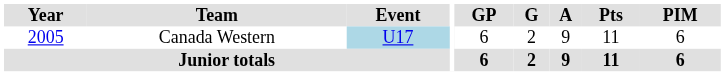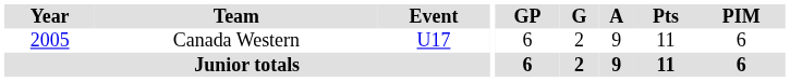 <table border="0" cellpadding="1" cellspacing="0" ID="Table3" style="text-align:center; width:40em">
 <tr ALIGN="center" bgcolor="#e0e0e0">
 <th>Year</th>
 <th>Team</th>
 <th>Event</th>
 <th rowspan="99" bgcolor="#ffffff"></th>
 <th>GP</th>
 <th>G</th>
 <th>A</th>
 <th>Pts</th>
 <th>PIM</th>
 </tr>
 <tr>
 <td><a href='#'>2005</a></td>
 <td>Canada Western</td>
-<td style="background: lightblue;"><a href='#'>U17</a></td>
+<td><a href='#'>U17</a></td>
 <td>6</td>
 <td>2</td>
 <td>9</td>
 <td>11</td>
 <td>6</td>
 </tr>
 <tr style="background:#e0e0e0;">
 <th colspan="3">Junior totals</th>
 <th>6</th>
 <th>2</th>
 <th>9</th>
 <th>11</th>
 <th>6</th>
 </tr>
 </table>
